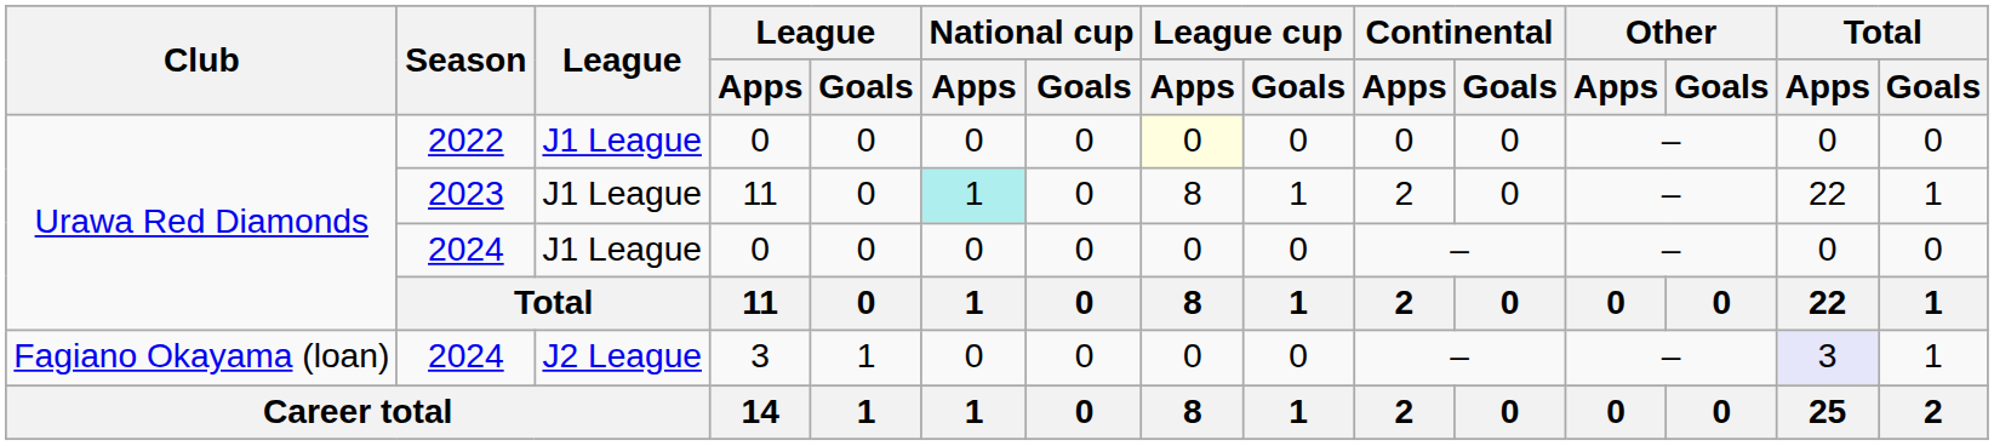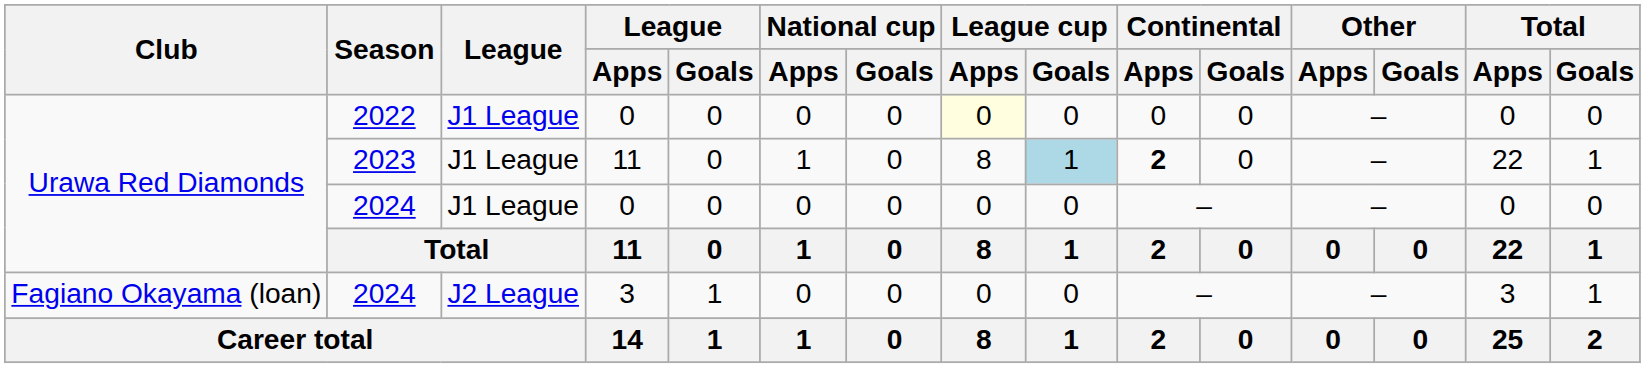 <table class="wikitable" style="text-align:center">
 <tr>
 <th rowspan="2">Club</th>
 <th rowspan="2">Season</th>
 <th rowspan="2">League</th>
 <th colspan="2">League</th>
 <th colspan="2">National cup</th>
 <th colspan="2">League cup</th>
 <th colspan="2">Continental</th>
 <th colspan="2">Other</th>
 <th colspan="2">Total</th>
 </tr>
 <tr>
 <th>Apps</th>
 <th>Goals</th>
 <th>Apps</th>
 <th>Goals</th>
 <th>Apps</th>
 <th>Goals</th>
 <th>Apps</th>
 <th>Goals</th>
 <th>Apps</th>
 <th>Goals</th>
 <th>Apps</th>
 <th>Goals</th>
 </tr>
 <tr>
 <td rowspan="4"><a href='#'>Urawa Red Diamonds</a></td>
 <td><a href='#'>2022</a></td>
 <td><a href='#'>J1 League</a></td>
 <td>0</td>
 <td>0</td>
 <td>0</td>
 <td>0</td>
 <td style="background: lightyellow;">0</td>
 <td>0</td>
 <td>0</td>
 <td>0</td>
 <td colspan="2">–</td>
 <td>0</td>
 <td>0</td>
 </tr>
 <tr>
 <td><a href='#'>2023</a></td>
 <td>J1 League</td>
 <td>11</td>
 <td>0</td>
-<td style="background: paleturquoise;">1</td>
+<td>1</td>
 <td>0</td>
 <td>8</td>
-<td>1</td>
-<td>2</td>
+<td style="background: lightblue;">1</td>
+<td><strong>2</strong></td>
 <td>0</td>
 <td colspan="2">–</td>
 <td>22</td>
 <td>1</td>
 </tr>
 <tr>
 <td><a href='#'>2024</a></td>
 <td>J1 League</td>
 <td>0</td>
 <td>0</td>
 <td>0</td>
 <td>0</td>
 <td>0</td>
 <td>0</td>
 <td colspan="2">–</td>
 <td colspan="2">–</td>
 <td>0</td>
 <td>0</td>
 </tr>
 <tr>
 <th colspan="2">Total</th>
 <th>11</th>
 <th>0</th>
 <th>1</th>
 <th>0</th>
 <th>8</th>
 <th>1</th>
 <th>2</th>
 <th>0</th>
 <th>0</th>
 <th>0</th>
 <th>22</th>
 <th>1</th>
 </tr>
 <tr>
 <td><a href='#'>Fagiano Okayama</a> (loan)</td>
 <td><a href='#'>2024</a></td>
 <td><a href='#'>J2 League</a></td>
 <td>3</td>
 <td>1</td>
 <td>0</td>
 <td>0</td>
 <td>0</td>
 <td>0</td>
 <td colspan="2">–</td>
 <td colspan="2">–</td>
-<td style="background: lavender;">3</td>
+<td>3</td>
 <td>1</td>
 </tr>
 <tr>
 <th colspan="3">Career total</th>
 <th>14</th>
 <th>1</th>
 <th>1</th>
 <th>0</th>
 <th>8</th>
 <th>1</th>
 <th>2</th>
 <th>0</th>
 <th>0</th>
 <th>0</th>
 <th>25</th>
 <th>2</th>
 </tr>
 </table>
